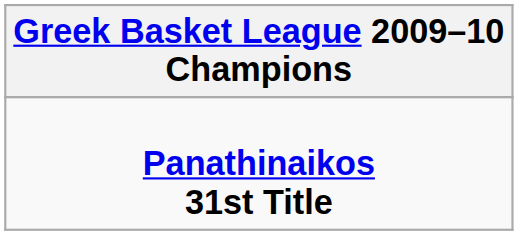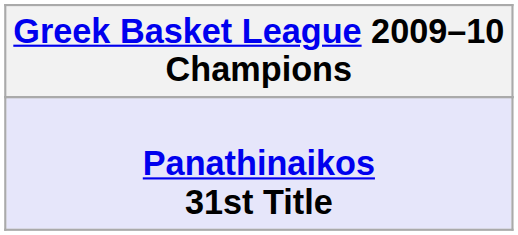 <table class="wikitable" style="text-align: center; margin: 0 auto;">
 <tr>
 <th><a href='#'>Greek Basket League</a> 2009–10<br>Champions</th>
 </tr>
 <tr>
 </tr>
 <tr>
-<td><br><strong><a href='#'>Panathinaikos</a></strong><br><strong>31st Title</strong></td>
+<td style="background: lavender;"><br><strong><a href='#'>Panathinaikos</a></strong><br><strong>31st Title</strong></td>
 </tr>
 </table>
